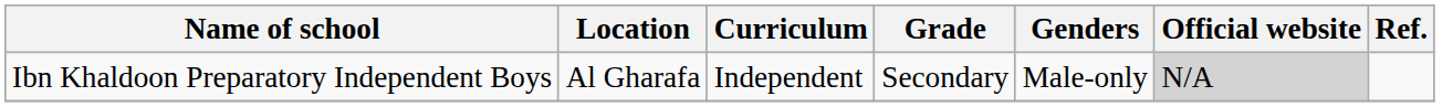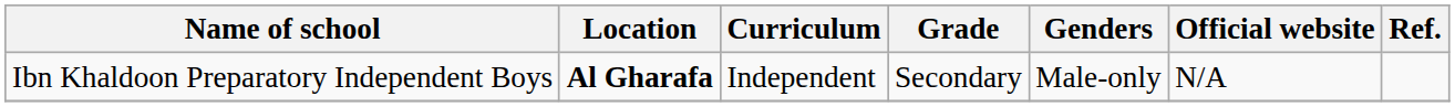 <table class="wikitable">
 <tr>
 <th>Name of school</th>
 <th>Location</th>
 <th>Curriculum</th>
 <th>Grade</th>
 <th>Genders</th>
 <th>Official website</th>
 <th>Ref.</th>
 </tr>
 <tr>
 <td>Ibn Khaldoon Preparatory Independent Boys</td>
-<td>Al Gharafa</td>
+<td><strong>Al Gharafa</strong></td>
 <td>Independent</td>
 <td>Secondary</td>
 <td>Male-only</td>
-<td style="background: lightgrey;">N/A</td>
+<td>N/A</td>
 <td></td>
 </tr>
 <tr>
 </tr>
 </table>
